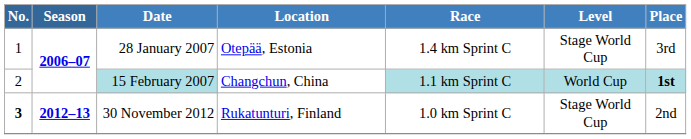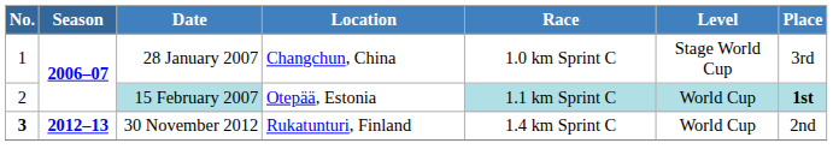 <table class="wikitable sortable" style="font-size:95%; text-align:center; border:grey solid 1px; border-collapse:collapse; background:#ffffff;">
 <tr style="background:#efefef;">
 <th style="background-color:#369; color:white;">No.</th>
 <th style="background-color:#369; color:white;">Season</th>
 <th style="background-color:#4180be; color:white; width:120px;">Date</th>
 <th style="background-color:#4180be; color:white; width:170px;">Location</th>
 <th style="background-color:#4180be; color:white; width:160px;">Race</th>
 <th style="background-color:#4180be; color:white; width:100px;">Level</th>
 <th style="background-color:#4180be; color:white;">Place</th>
 </tr>
 <tr>
 <td align=center>1</td>
 <td rowspan=2 align=center><strong> <a href='#'>2006–07</a> </strong></td>
 <td align=right>28 January 2007</td>
-<td align=left> <a href='#'>Otepää</a>, Estonia</td>
-<td>1.4 km Sprint C</td>
+<td align=left> <a href='#'>Changchun</a>, China</td>
+<td>1.0 km Sprint C</td>
 <td>Stage World Cup</td>
 <td>3rd</td>
 </tr>
 <tr>
 <td align=center>2</td>
 <td bgcolor="#BOEOE6" align=right>15 February 2007</td>
-<td align=left> <a href='#'>Changchun</a>, China</td>
+<td align=left> <a href='#'>Otepää</a>, Estonia</td>
 <td bgcolor="#BOEOE6">1.1 km Sprint C</td>
 <td bgcolor="#BOEOE6">World Cup</td>
 <td bgcolor="#BOEOE6"><strong>1st</strong></td>
 </tr>
 <tr>
 <td align=center><strong>3</strong></td>
 <td rowspan=1 align=center><strong> <a href='#'>2012–13</a> </strong></td>
 <td align=right>30 November 2012</td>
 <td align=left> <a href='#'>Rukatunturi</a>, Finland</td>
-<td>1.0 km Sprint C</td>
-<td>Stage World Cup</td>
+<td>1.4 km Sprint C</td>
+<td>World Cup</td>
 <td>2nd</td>
 </tr>
 <tr>
 </tr>
 </table>
